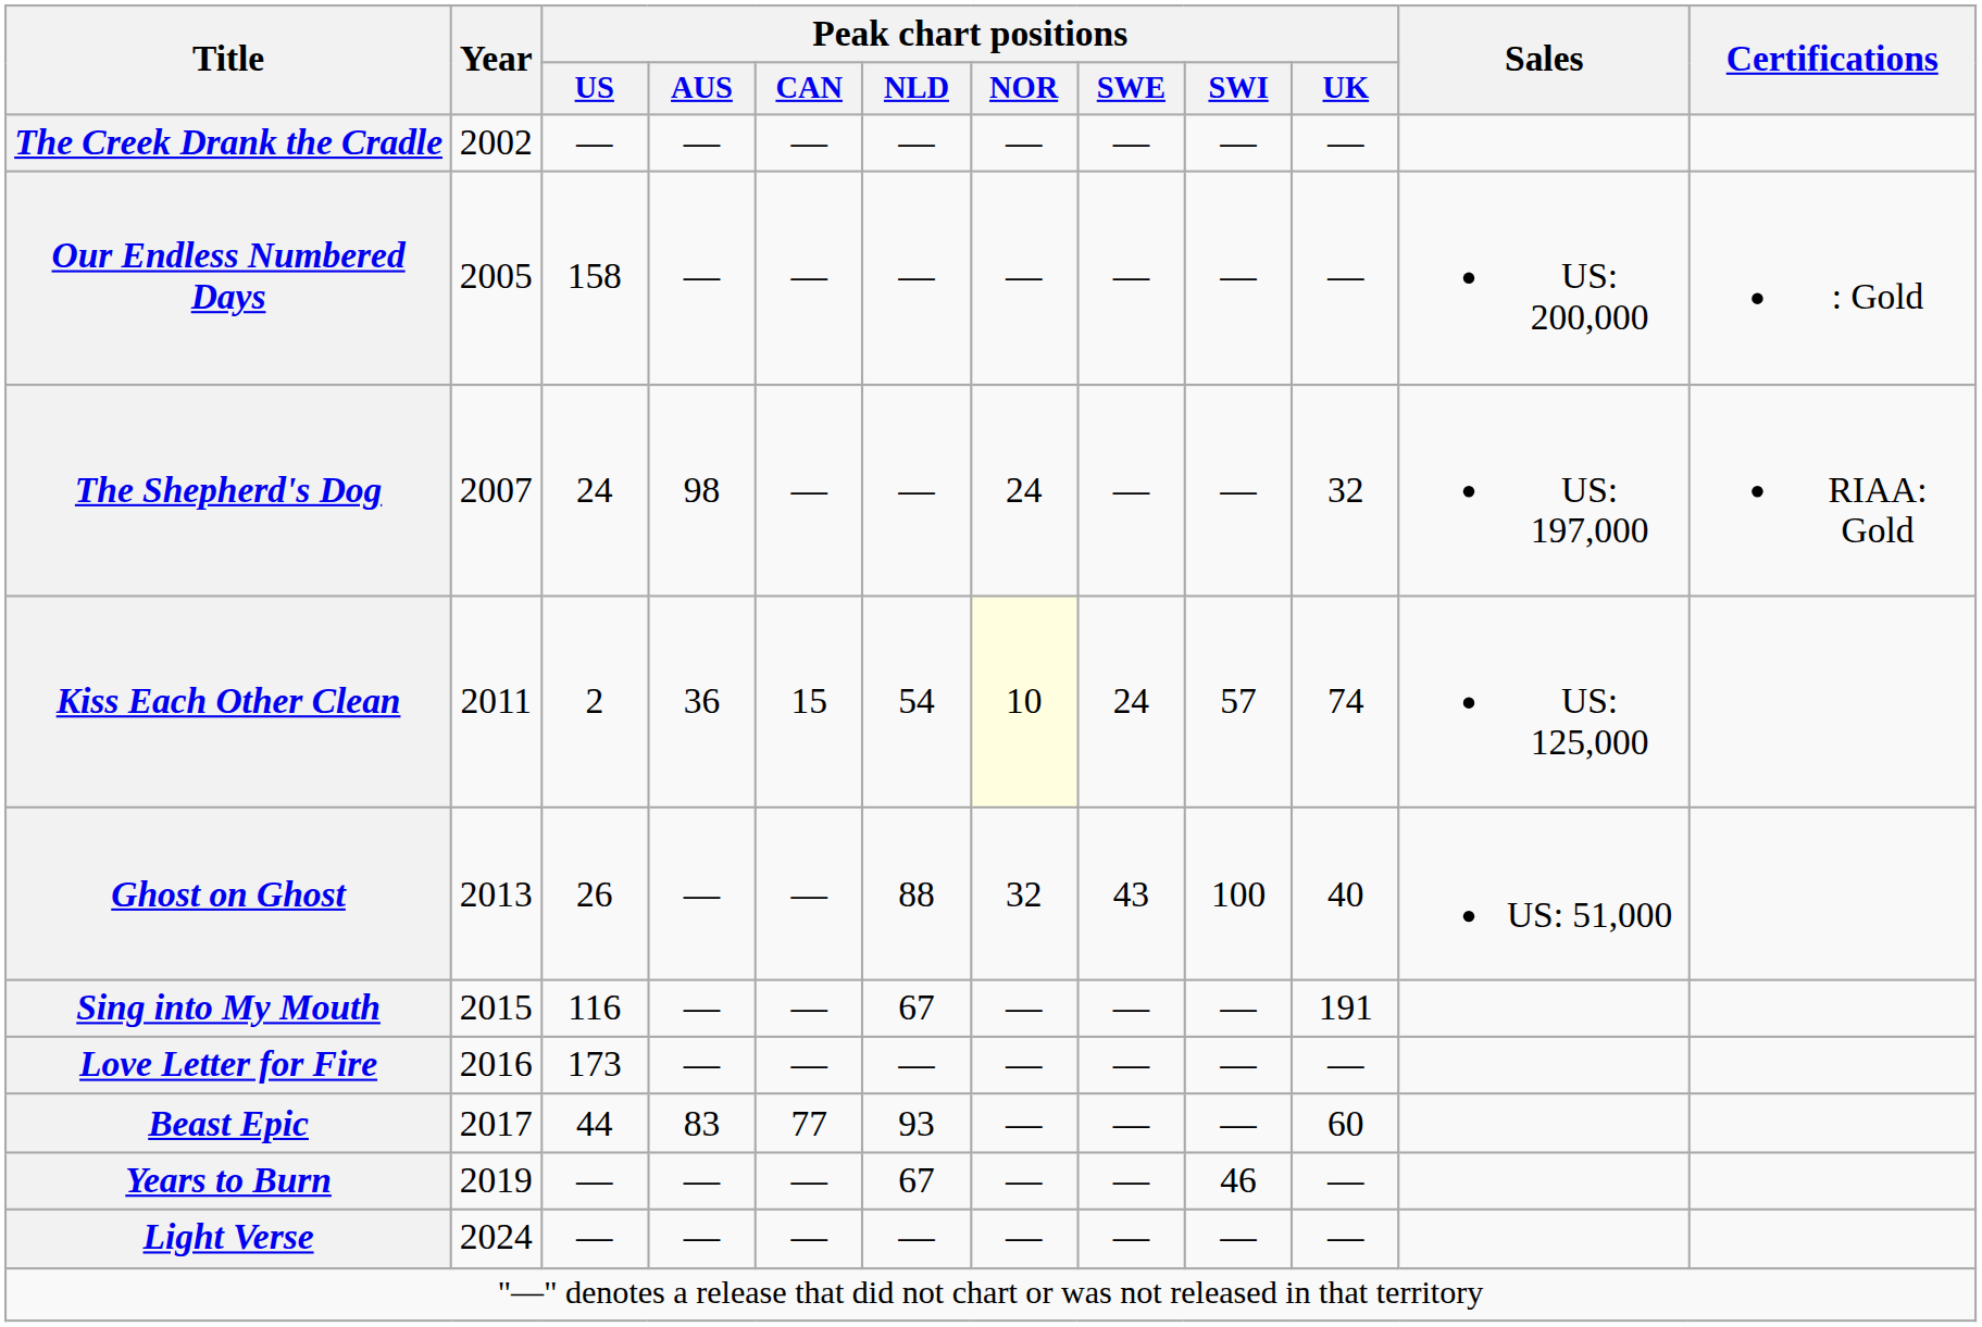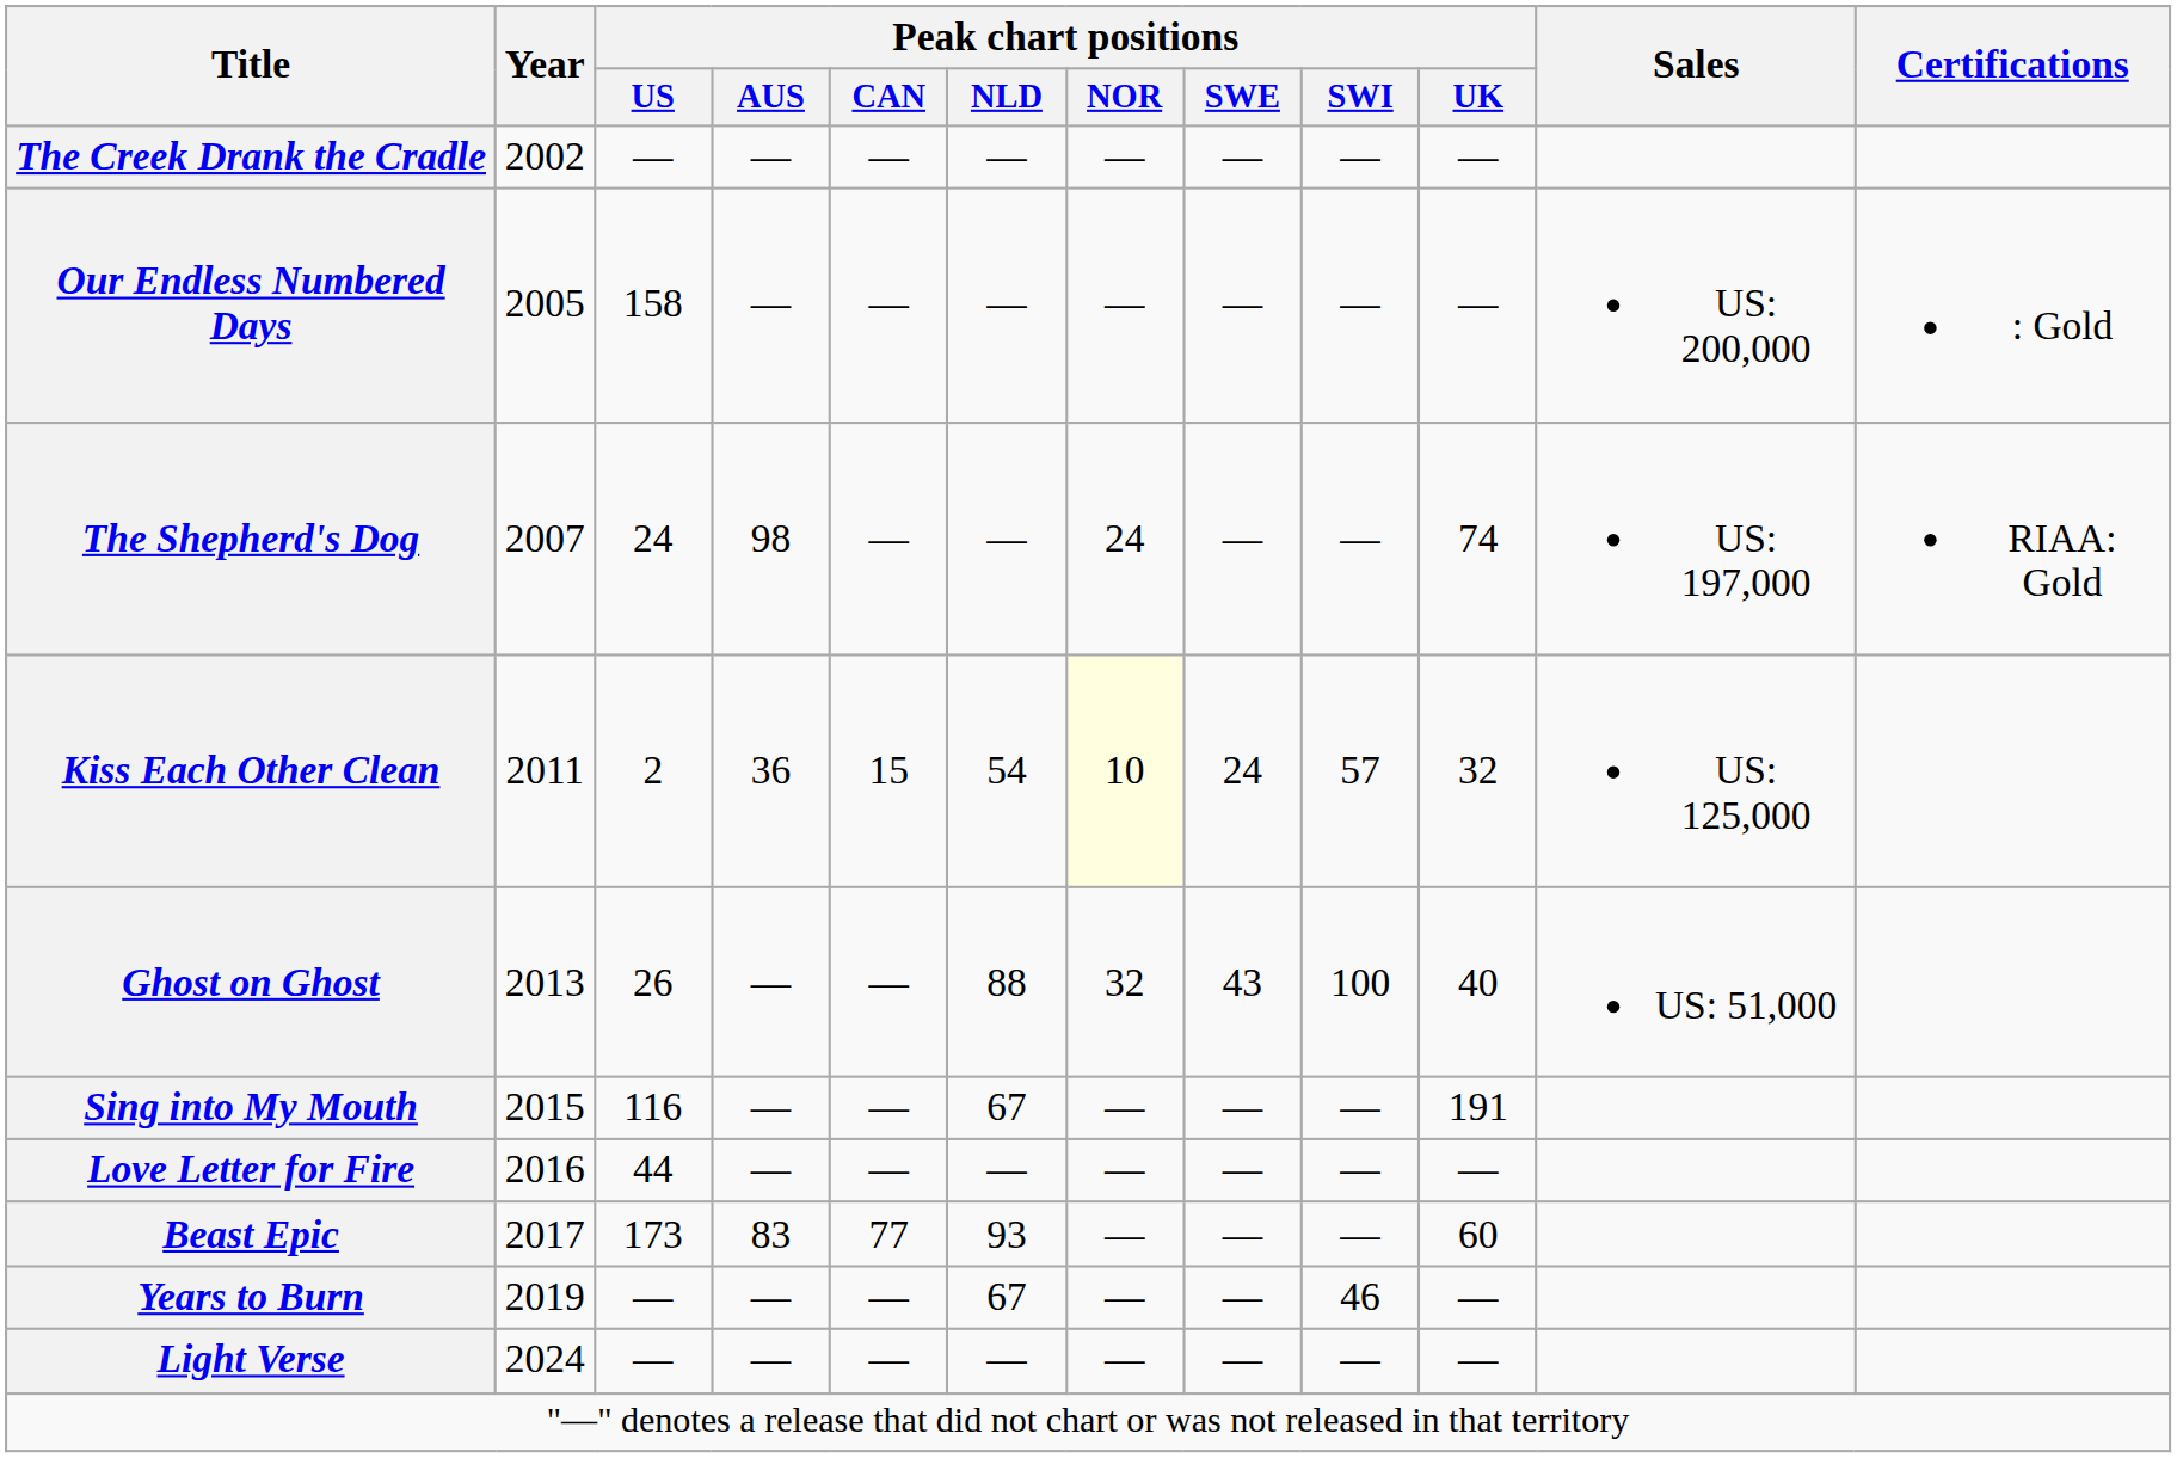 <table class="wikitable plainrowheaders" style="text-align:center;">
 <tr>
 <th scope="col" rowspan="2">Title</th>
 <th scope="col" rowspan="2">Year</th>
 <th scope="col" colspan="8">Peak chart positions</th>
 <th scope="col" rowspan="2">Sales</th>
 <th scope="col" rowspan="2"><a href='#'>Certifications</a></th>
 </tr>
 <tr>
 <th scope="col" style="width:3em;font-size:85%;"><a href='#'>US</a><br></th>
 <th scope="col" style="width:3em;font-size:85%;"><a href='#'>AUS</a><br></th>
 <th scope="col" style="width:3em;font-size:85%;"><a href='#'>CAN</a><br></th>
 <th scope="col" style="width:3em;font-size:85%;"><a href='#'>NLD</a><br></th>
 <th scope="col" style="width:3em;font-size:85%;"><a href='#'>NOR</a><br></th>
 <th scope="col" style="width:3em;font-size:85%;"><a href='#'>SWE</a><br></th>
 <th scope="col" style="width:3em;font-size:85%;"><a href='#'>SWI</a><br></th>
 <th scope="col" style="width:3em;font-size:85%;"><a href='#'>UK</a><br></th>
 </tr>
 <tr>
 <th scope="row"><em><a href='#'>The Creek Drank the Cradle</a></em></th>
 <td>2002</td>
 <td>—</td>
 <td>—</td>
 <td>—</td>
 <td>—</td>
 <td>—</td>
 <td>—</td>
 <td>—</td>
 <td>—</td>
 <td></td>
 </tr>
 <tr>
 <th scope="row"><em><a href='#'>Our Endless Numbered Days</a></em></th>
 <td>2005</td>
 <td>158</td>
 <td>—</td>
 <td>—</td>
 <td>—</td>
 <td>—</td>
 <td>—</td>
 <td>—</td>
 <td>—</td>
 <td><br><ul><li>US: 200,000</li></ul></td>
 <td><br><ul><li><a href='#'></a>: Gold</li></ul></td>
 </tr>
 <tr>
 <th scope="row"><em><a href='#'>The Shepherd's Dog</a></em></th>
 <td>2007</td>
 <td>24</td>
 <td>98</td>
 <td>—</td>
 <td>—</td>
 <td>24</td>
 <td>—</td>
 <td>—</td>
-<td>32</td>
+<td>74</td>
 <td><br><ul><li>US: 197,000</li></ul></td>
 <td><br><ul><li>RIAA: Gold</li></ul></td>
 </tr>
 <tr>
 <th scope="row"><em><a href='#'>Kiss Each Other Clean</a></em></th>
 <td>2011</td>
 <td>2</td>
 <td>36</td>
 <td>15</td>
 <td>54</td>
 <td style="background: lightyellow;">10</td>
 <td>24</td>
 <td>57</td>
-<td>74</td>
+<td>32</td>
 <td><br><ul><li>US: 125,000</li></ul></td>
 <td></td>
 </tr>
 <tr>
 <th scope="row"><em><a href='#'>Ghost on Ghost</a></em></th>
 <td>2013</td>
 <td>26</td>
 <td>—</td>
 <td>—</td>
 <td>88</td>
 <td>32</td>
 <td>43</td>
 <td>100</td>
 <td>40</td>
 <td><br><ul><li>US: 51,000</li></ul></td>
 <td></td>
 </tr>
 <tr>
 <th scope="row"><em><a href='#'>Sing into My Mouth</a></em> </th>
 <td>2015</td>
 <td>116</td>
 <td>—</td>
 <td>—</td>
 <td>67</td>
 <td>—</td>
 <td>—</td>
 <td>—</td>
 <td>191</td>
 <td></td>
 <td></td>
 </tr>
 <tr>
 <th scope="row"><em><a href='#'>Love Letter for Fire</a></em> </th>
 <td>2016</td>
-<td>173</td>
+<td>44</td>
 <td>—</td>
 <td>—</td>
 <td>—</td>
 <td>—</td>
 <td>—</td>
 <td>—</td>
 <td>—</td>
 <td></td>
 <td></td>
 </tr>
 <tr>
 <th scope="row"><em><a href='#'>Beast Epic</a></em></th>
 <td>2017</td>
-<td>44</td>
+<td>173</td>
 <td>83</td>
 <td>77</td>
 <td>93</td>
 <td>—</td>
 <td>—</td>
 <td>—</td>
 <td>60</td>
 <td></td>
 <td></td>
 </tr>
 <tr>
 <th scope="row"><em><a href='#'>Years to Burn</a></em> </th>
 <td>2019</td>
 <td>—</td>
 <td>—</td>
 <td>—</td>
 <td>67</td>
 <td>—</td>
 <td>—</td>
 <td>46</td>
 <td>—</td>
 <td></td>
 <td></td>
 </tr>
 <tr>
 <th scope="row"><em><a href='#'>Light Verse</a></em></th>
 <td>2024</td>
 <td>—</td>
 <td>—</td>
 <td>—</td>
 <td>—</td>
 <td>—</td>
 <td>—</td>
 <td>—</td>
 <td>—</td>
 <td></td>
 <td></td>
 </tr>
 <tr>
 <td colspan="15" style="font-size:90%">"—" denotes a release that did not chart or was not released in that territory</td>
 </tr>
 </table>
